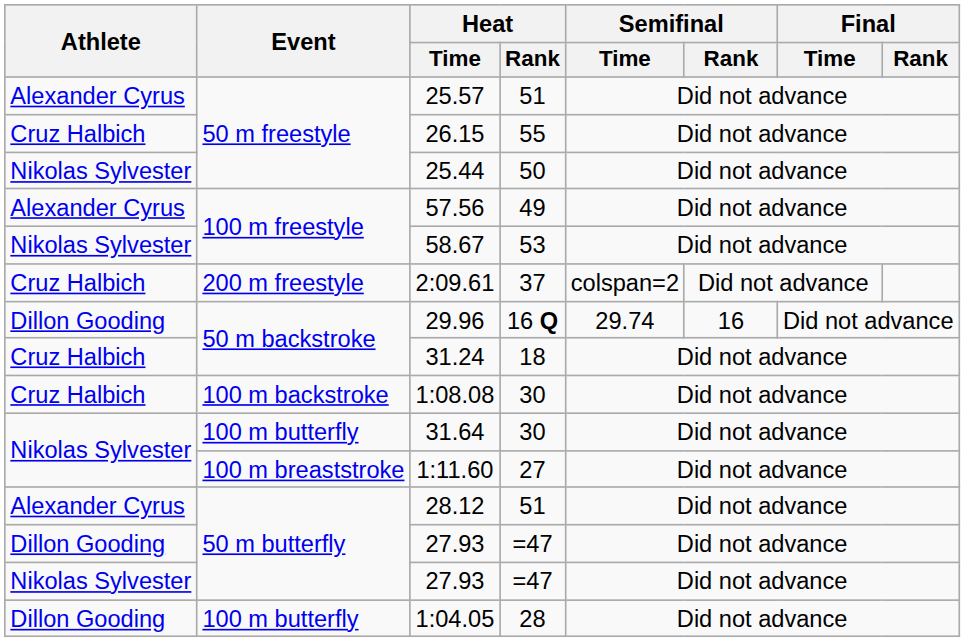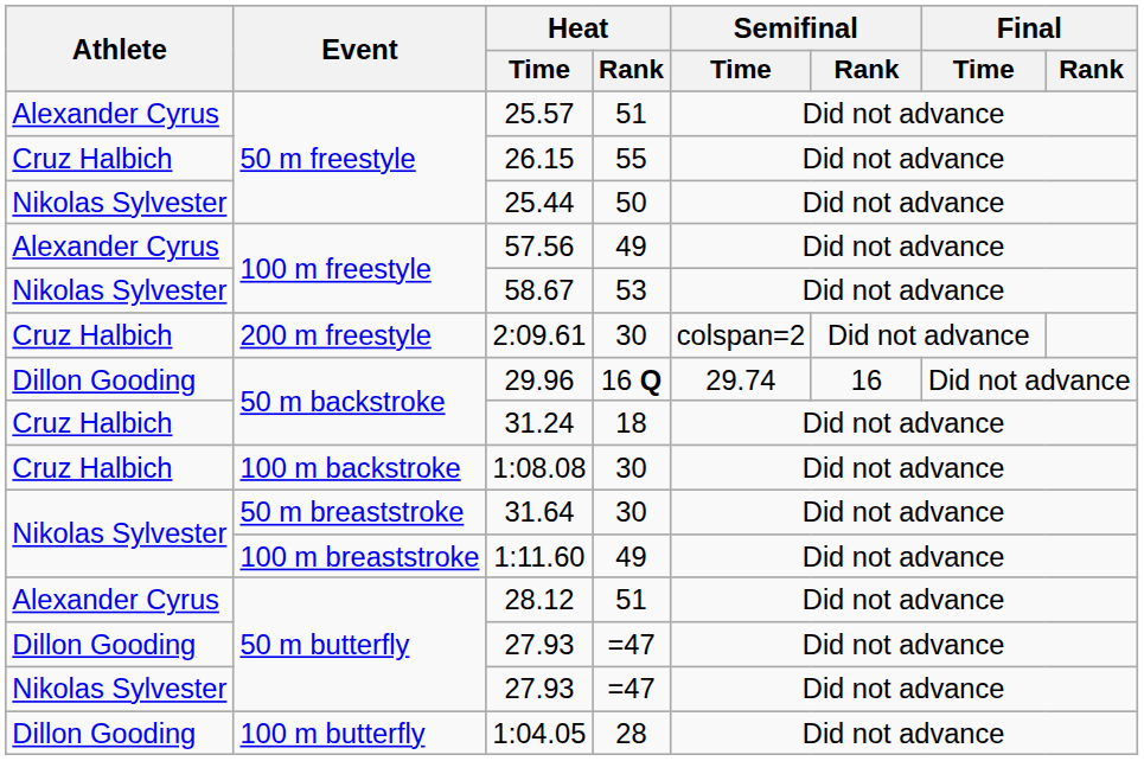 <table class=wikitable style=font-size:90%>
 <tr>
 <th rowspan=2>Athlete</th>
 <th rowspan=2>Event</th>
 <th colspan=2>Heat</th>
 <th colspan=2>Semifinal</th>
 <th colspan=2>Final</th>
 </tr>
 <tr style=font-size:95%>
 <th>Time</th>
 <th>Rank</th>
 <th>Time</th>
 <th>Rank</th>
 <th>Time</th>
 <th>Rank</th>
 </tr>
 <tr align=center>
 <td align=left><a href='#'>Alexander Cyrus</a></td>
 <td align=left rowspan=3><a href='#'>50 m freestyle</a></td>
 <td>25.57</td>
 <td>51</td>
 <td colspan=4>Did not advance</td>
 </tr>
 <tr align=center>
 <td align=left><a href='#'>Cruz Halbich</a></td>
 <td>26.15</td>
 <td>55</td>
 <td colspan=4>Did not advance</td>
 </tr>
 <tr align=center>
 <td align=left><a href='#'>Nikolas Sylvester</a></td>
 <td>25.44</td>
 <td>50</td>
 <td colspan=4>Did not advance</td>
 </tr>
 <tr align=center>
 <td align=left><a href='#'>Alexander Cyrus</a></td>
 <td align=left rowspan=2><a href='#'>100 m freestyle</a></td>
 <td>57.56</td>
 <td>49</td>
 <td colspan=4>Did not advance</td>
 </tr>
 <tr align=center>
 <td align=left><a href='#'>Nikolas Sylvester</a></td>
 <td>58.67</td>
 <td>53</td>
 <td colspan=4>Did not advance</td>
 </tr>
 <tr align=center>
 <td align=left><a href='#'>Cruz Halbich</a></td>
 <td align=left><a href='#'>200 m freestyle</a></td>
 <td>2:09.61</td>
-<td>37</td>
+<td>30</td>
 <td>colspan=2 </td>
 <td colspan=2>Did not advance</td>
 </tr>
 <tr align=center>
 <td align=left><a href='#'>Dillon Gooding</a></td>
 <td align=left rowspan=2><a href='#'>50 m backstroke</a></td>
 <td>29.96</td>
 <td>16 <strong>Q</strong></td>
 <td>29.74</td>
 <td>16</td>
 <td colspan=2>Did not advance</td>
 </tr>
 <tr align=center>
 <td align=left><a href='#'>Cruz Halbich</a></td>
 <td>31.24</td>
 <td>18</td>
 <td colspan=4>Did not advance</td>
 </tr>
 <tr align=center>
 <td align=left><a href='#'>Cruz Halbich</a></td>
 <td align=left><a href='#'>100 m backstroke</a></td>
 <td>1:08.08</td>
 <td>30</td>
 <td colspan=4>Did not advance</td>
 </tr>
 <tr align=center>
 <td align=left rowspan=2><a href='#'>Nikolas Sylvester</a></td>
-<td align=left><a href='#'>100 m butterfly</a></td>
+<td align=left><a href='#'>50 m breaststroke</a></td>
 <td>31.64</td>
 <td>30</td>
 <td colspan=4>Did not advance</td>
 </tr>
 <tr align=center>
 <td align=left><a href='#'>100 m breaststroke</a></td>
 <td>1:11.60</td>
-<td>27</td>
+<td>49</td>
 <td colspan=4>Did not advance</td>
 </tr>
 <tr align=center>
 <td align=left><a href='#'>Alexander Cyrus</a></td>
 <td align=left rowspan=3><a href='#'>50 m butterfly</a></td>
 <td>28.12</td>
 <td>51</td>
 <td colspan=4>Did not advance</td>
 </tr>
 <tr align=center>
 <td align=left><a href='#'>Dillon Gooding</a></td>
 <td>27.93</td>
 <td>=47</td>
 <td colspan=4>Did not advance</td>
 </tr>
 <tr align=center>
 <td align=left><a href='#'>Nikolas Sylvester</a></td>
 <td>27.93</td>
 <td>=47</td>
 <td colspan=4>Did not advance</td>
 </tr>
 <tr align=center>
 <td align=left><a href='#'>Dillon Gooding</a></td>
 <td align=left><a href='#'>100 m butterfly</a></td>
 <td>1:04.05</td>
 <td>28</td>
 <td colspan=4>Did not advance</td>
 </tr>
 </table>
